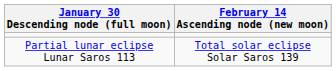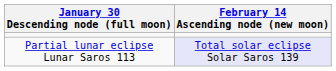 <table class="wikitable">
 <tr>
 <th><a href='#'>January 30</a><br>Descending node (full moon)</th>
 <th><a href='#'>February 14</a><br>Ascending node (new moon)</th>
 </tr>
 <tr>
 <td></td>
 <td></td>
 </tr>
 <tr align=center>
 <td><a href='#'>Partial lunar eclipse</a><br>Lunar Saros 113</td>
-<td><a href='#'>Total solar eclipse</a><br>Solar Saros 139</td>
+<td style="background: lavender;"><a href='#'>Total solar eclipse</a><br>Solar Saros 139</td>
 </tr>
 </table>
